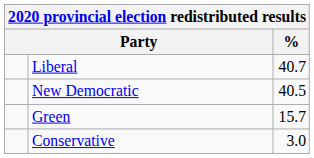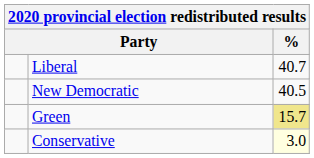 <table class="wikitable">
 <tr>
 <th colspan="4"><a href='#'>2020 provincial election</a> redistributed results</th>
 </tr>
 <tr>
 <th bgcolor="#DDDDFF" width="130px" colspan="2">Party</th>
 <th bgcolor="#DDDDFF" width="30px">%</th>
 </tr>
 <tr>
 <td> </td>
 <td><a href='#'>Liberal</a></td>
 <td align=right>40.7</td>
 </tr>
 <tr>
 <td> </td>
 <td><a href='#'>New Democratic</a></td>
 <td align=right>40.5</td>
 </tr>
 <tr>
 <td> </td>
 <td><a href='#'>Green</a></td>
-<td align=right>15.7</td>
+<td align=right style="background: khaki;">15.7</td>
 </tr>
 <tr>
 <td> </td>
 <td><a href='#'>Conservative</a></td>
-<td align=right>3.0</td>
+<td align=right style="background: lightyellow;">3.0</td>
 </tr>
 </table>
